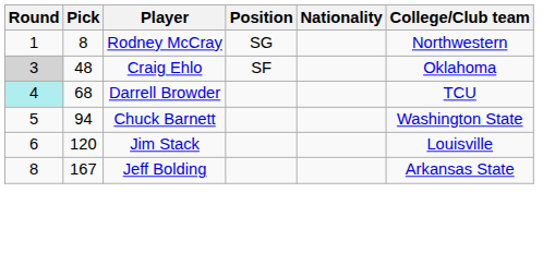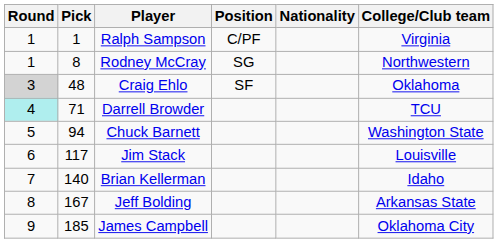 <table class="wikitable sortable sortable">
 <tr>
 <th>Round</th>
 <th>Pick</th>
 <th>Player</th>
 <th>Position</th>
 <th>Nationality</th>
 <th>College/Club team</th>
+</tr>
+<tr style="text-align: center">
+<td>1</td>
+<td>1</td>
+<td><a href='#'>Ralph Sampson</a></td>
+<td>C/PF</td>
+<td></td>
+<td><a href='#'>Virginia</a></td>
 </tr>
 <tr style="text-align: center">
 <td>1</td>
 <td>8</td>
 <td><a href='#'>Rodney McCray</a></td>
 <td>SG</td>
 <td></td>
 <td><a href='#'>Northwestern</a></td>
 </tr>
 <tr style="text-align: center">
 <td style="background: lightgrey;">3</td>
 <td>48</td>
 <td><a href='#'>Craig Ehlo</a></td>
 <td>SF</td>
 <td></td>
 <td><a href='#'>Oklahoma</a></td>
 </tr>
 <tr style="text-align: center">
 <td style="background: paleturquoise;">4</td>
-<td>68</td>
+<td>71</td>
 <td><a href='#'>Darrell Browder</a></td>
 <td></td>
 <td></td>
 <td><a href='#'>TCU</a></td>
 </tr>
 <tr style="text-align: center">
 <td>5</td>
 <td>94</td>
 <td><a href='#'>Chuck Barnett</a></td>
 <td></td>
 <td></td>
 <td><a href='#'>Washington State</a></td>
 </tr>
 <tr style="text-align: center">
 <td>6</td>
-<td>120</td>
+<td>117</td>
 <td><a href='#'>Jim Stack</a></td>
 <td></td>
 <td></td>
 <td><a href='#'>Louisville</a></td>
+</tr>
+<tr style="text-align: center">
+<td>7</td>
+<td>140</td>
+<td><a href='#'>Brian Kellerman</a></td>
+<td></td>
+<td></td>
+<td><a href='#'>Idaho</a></td>
 </tr>
 <tr style="text-align: center">
 <td>8</td>
 <td>167</td>
 <td><a href='#'>Jeff Bolding</a></td>
 <td></td>
 <td></td>
 <td><a href='#'>Arkansas State</a></td>
 </tr>
+<tr style="text-align: center">
+<td>9</td>
+<td>185</td>
+<td><a href='#'>James Campbell</a></td>
+<td></td>
+<td></td>
+<td><a href='#'>Oklahoma City</a></td>
+</tr>
 </table>
